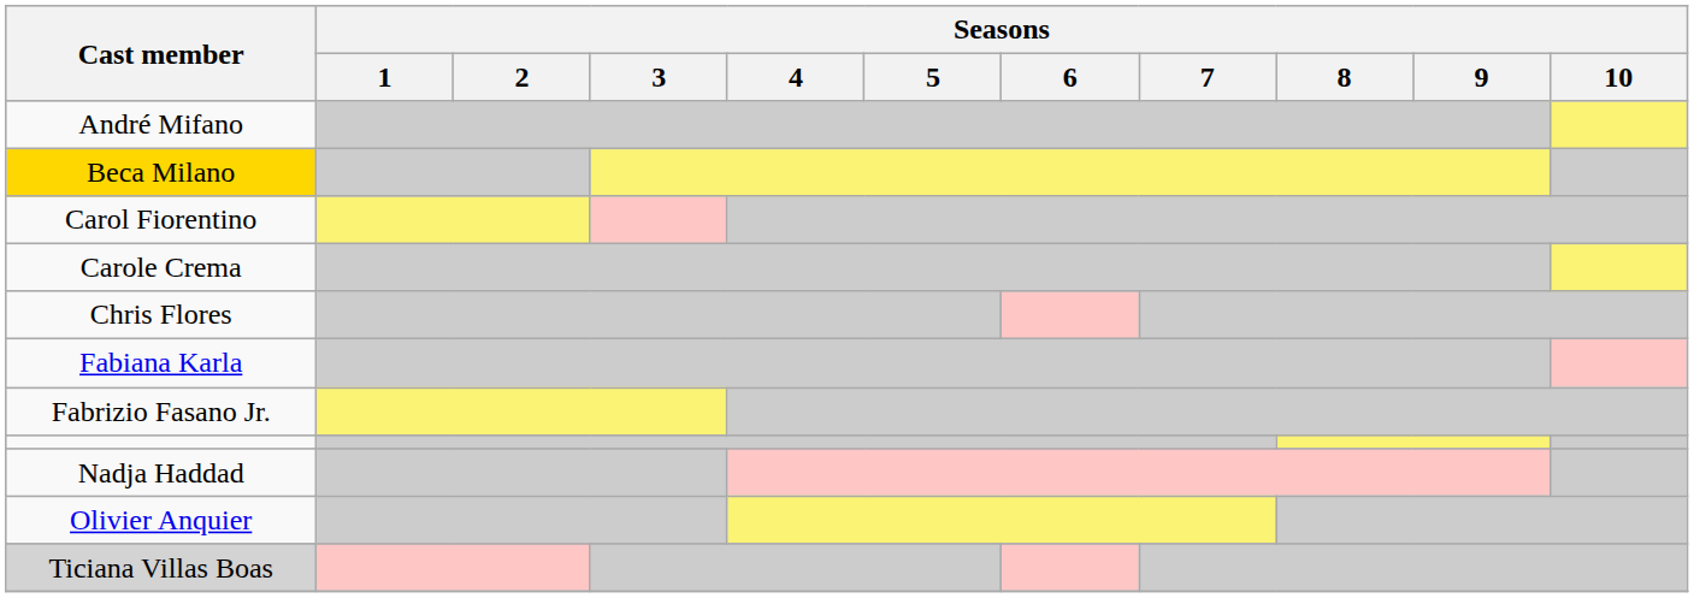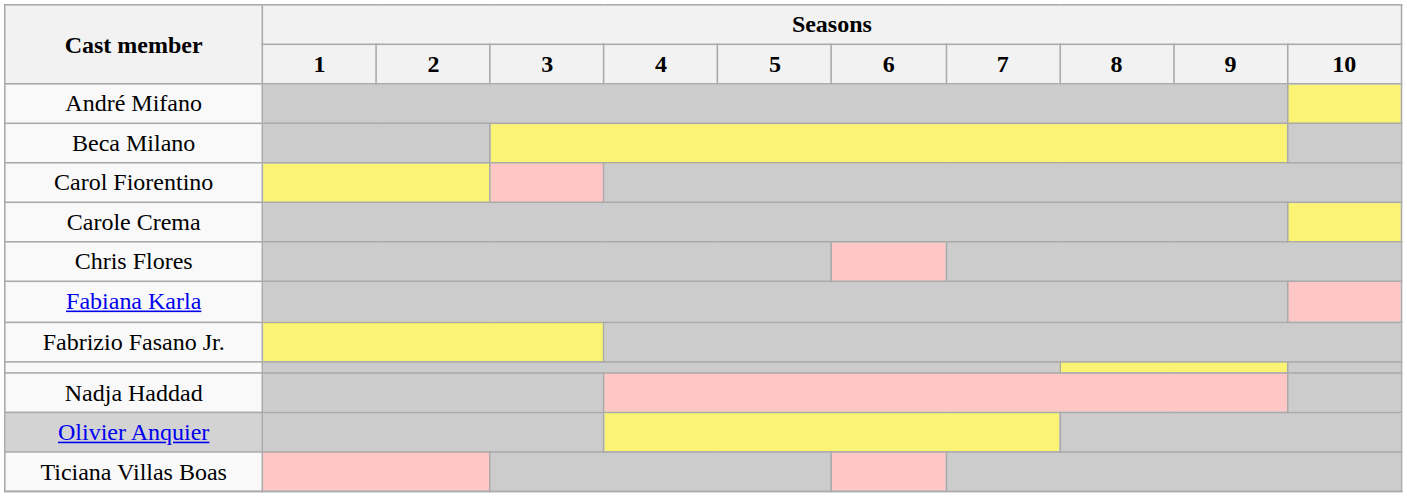 <table class="wikitable" style="text-align:center; font-size:95%; width:70%;">
 <tr>
 <th rowspan=2>Cast member</th>
 <th colspan=10>Seasons</th>
 </tr>
 <tr>
 <th width=65>1</th>
 <th width=65>2</th>
 <th width=65>3</th>
 <th width=65>4</th>
 <th width=65>5</th>
 <th width=65>6</th>
 <th width=65>7</th>
 <th width=65>8</th>
 <th width=65>9</th>
 <th width=65>10</th>
 </tr>
 <tr>
 <td>André Mifano</td>
 <td colspan="9" bgcolor="CCCCCC"></td>
 <td bgcolor="FBF373"></td>
 </tr>
 <tr>
-<td style="background: gold;">Beca Milano</td>
+<td>Beca Milano</td>
 <td colspan="2" bgcolor="CCCCCC"></td>
 <td colspan="7" bgcolor="FBF373"></td>
 <td bgcolor="CCCCCC"></td>
 </tr>
 <tr>
 <td>Carol Fiorentino</td>
 <td colspan="2" bgcolor="FBF373"></td>
 <td colspan="1" bgcolor="FFC6C6"></td>
 <td colspan="7" bgcolor="CCCCCC"></td>
 </tr>
 <tr>
 <td>Carole Crema</td>
 <td colspan="9" bgcolor="CCCCCC"></td>
 <td bgcolor="FBF373"></td>
 </tr>
 <tr>
 <td>Chris Flores</td>
 <td colspan="5" bgcolor="CCCCCC"></td>
 <td colspan="1" bgcolor="FFC6C6"></td>
 <td colspan="4" bgcolor="CCCCCC"></td>
 </tr>
 <tr>
 <td><a href='#'>Fabiana Karla</a></td>
 <td colspan="9" bgcolor="CCCCCC"></td>
 <td bgcolor="FFC6C6"></td>
 </tr>
 <tr>
 <td>Fabrizio Fasano Jr.</td>
 <td colspan="3" bgcolor="FBF373"></td>
 <td colspan="7" bgcolor="CCCCCC"></td>
 </tr>
 <tr>
 <td></td>
 <td colspan="7" bgcolor="CCCCCC"></td>
 <td colspan="2" bgcolor="FBF373"></td>
 <td bgcolor="CCCCCC"></td>
 </tr>
 <tr>
 <td>Nadja Haddad</td>
 <td colspan="3" bgcolor="CCCCCC"></td>
 <td colspan="6" bgcolor="FFC6C6"></td>
 <td bgcolor="CCCCCC"></td>
 </tr>
 <tr>
-<td><a href='#'>Olivier Anquier</a></td>
+<td style="background: lightgrey;"><a href='#'>Olivier Anquier</a></td>
 <td colspan="3" bgcolor="CCCCCC"></td>
 <td colspan="4" bgcolor="FBF373"></td>
 <td colspan="3" bgcolor="CCCCCC"></td>
 </tr>
 <tr>
-<td style="background: lightgrey;">Ticiana Villas Boas</td>
+<td>Ticiana Villas Boas</td>
 <td colspan=2 bgcolor=FFC6C6></td>
 <td colspan=3 bgcolor=CCCCCC></td>
 <td colspan=1 bgcolor=FFC6C6></td>
 <td colspan=4 bgcolor=CCCCCC></td>
 </tr>
 <tr>
 </tr>
 </table>
